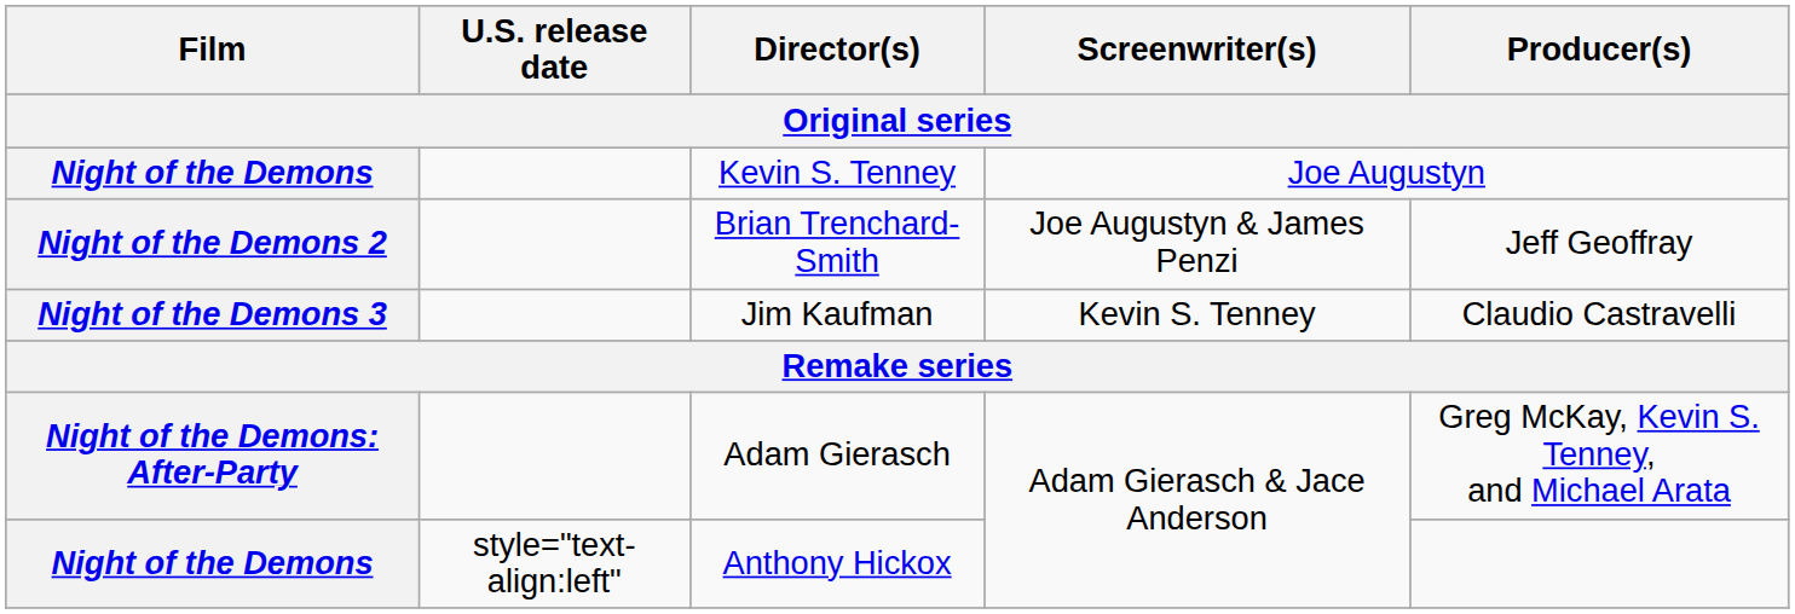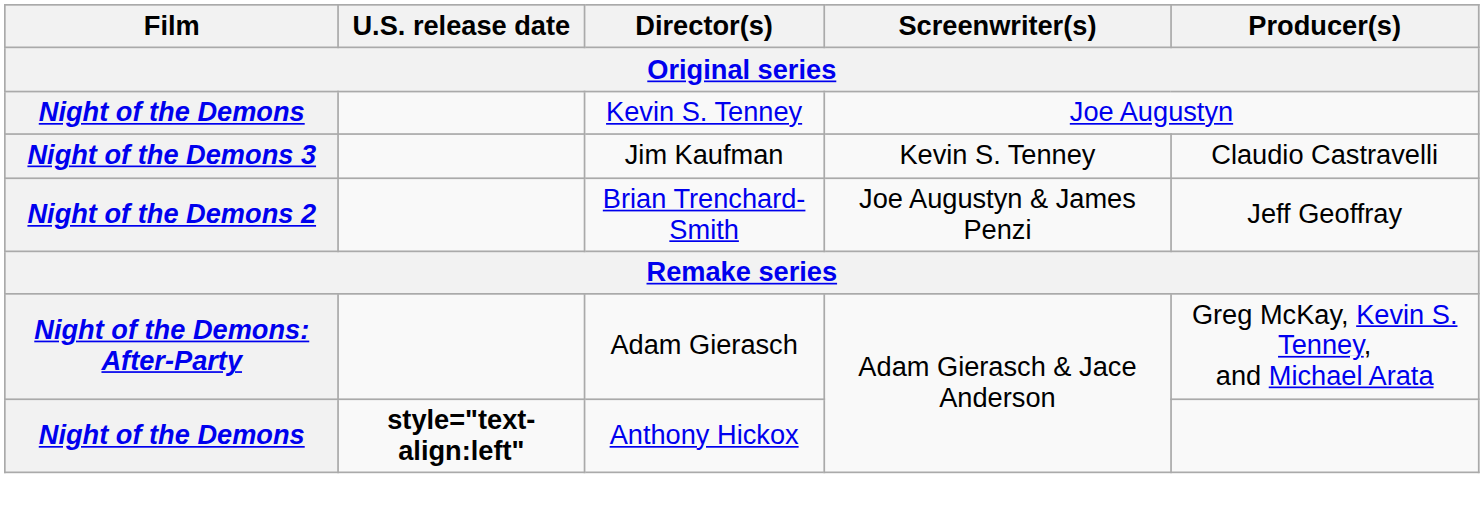 <table class="wikitable plainrowheaders" style="text-align:center;">
 <tr>
 <th>Film</th>
 <th>U.S. release date</th>
 <th>Director(s)</th>
 <th>Screenwriter(s)</th>
 <th>Producer(s)</th>
 </tr>
 <tr>
 <th colspan="5"><a href='#'>Original series</a></th>
 </tr>
 <tr>
 <th scope="row"><em><a href='#'>Night of the Demons</a></em></th>
 <td style="text-align:left"></td>
 <td><a href='#'>Kevin S. Tenney</a></td>
 <td colspan="2"><a href='#'>Joe Augustyn</a></td>
 </tr>
 <tr>
+<th scope="row"><em><a href='#'>Night of the Demons 3</a></em></th>
+<td style="text-align:left"></td>
+<td>Jim Kaufman</td>
+<td>Kevin S. Tenney</td>
+<td>Claudio Castravelli</td>
+</tr>
+<tr>
 <th scope="row"><em><a href='#'>Night of the Demons 2</a></em></th>
 <td style="text-align:left"></td>
 <td><a href='#'>Brian Trenchard-Smith</a></td>
 <td>Joe Augustyn & James Penzi</td>
 <td>Jeff Geoffray</td>
-</tr>
-<tr>
-<th scope="row"><em><a href='#'>Night of the Demons 3</a></em></th>
-<td style="text-align:left"></td>
-<td>Jim Kaufman</td>
-<td>Kevin S. Tenney</td>
-<td>Claudio Castravelli</td>
 </tr>
 <tr>
 <th colspan="5"><a href='#'>Remake series</a></th>
 </tr>
 <tr>
 <th scope="row"><em><a href='#'>Night of the Demons: After-Party</a></em></th>
 <td style="text-align:left"></td>
 <td>Adam Gierasch</td>
 <td rowspan="2">Adam Gierasch & Jace Anderson</td>
 <td>Greg McKay, <a href='#'>Kevin S. Tenney</a>,<br>and <a href='#'>Michael Arata</a></td>
 </tr>
 <tr>
 <th scope="row"><em><a href='#'>Night of the Demons</a></em></th>
-<td>style="text-align:left" </td>
+<td><strong>style="text-align:left" </strong></td>
 <td><a href='#'>Anthony Hickox</a></td>
 <td></td>
 </tr>
 </table>
